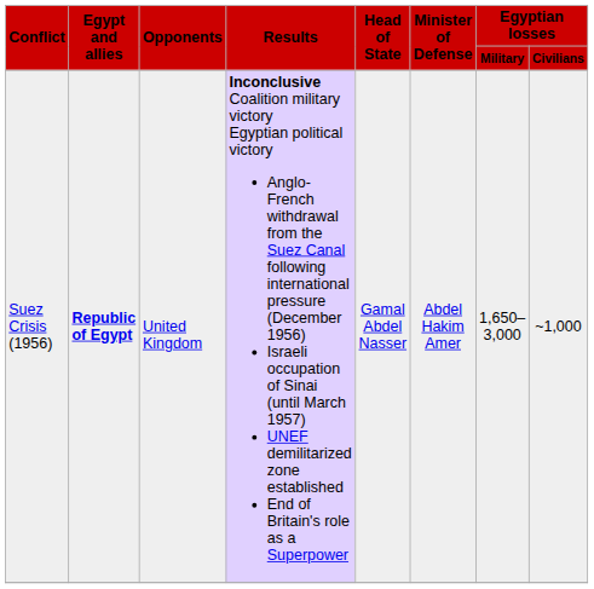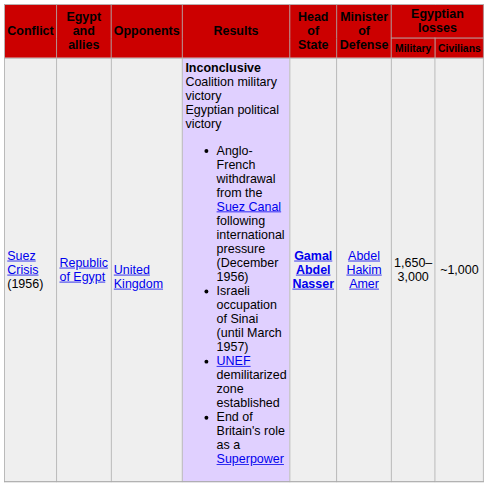 <table class="wikitable">
 <tr>
 <th style="background:#CC0000" rowspan="2" width=190px><span>Conflict</span></th>
 <th style="background:#CC0000" rowspan="2" width=170px><span>Egypt<br>and allies</span></th>
 <th style="background:#CC0000" rowspan="2" width=170px><span>Opponents</span></th>
 <th style="background:#CC0000" rowspan="2" width=280px><span>Results</span></th>
 <th style="background:#CC0000" rowspan="2" width=90px><span>Head of State</span></th>
 <th style="background:#CC0000" rowspan="2" width=90px><span>Minister of<br>Defense</span></th>
 <th style="background:#CC0000" colspan="2"><span>Egyptian<br>losses</span></th>
 </tr>
 <tr>
 <th style="background:#CC0000" rowspan="1" width=55px><span><small>Military</small></span></th>
 <th style="background:#CC0000" rowspan="1" width=><span><small>Civilians</small></span></th>
 </tr>
 <tr>
 <td style="background:#efefef"><a href='#'>Suez Crisis</a><br>(1956)</td>
-<td style="background:#efefef"><strong> <a href='#'>Republic of Egypt</a></strong></td>
+<td style="background:#efefef"> <a href='#'>Republic of Egypt</a></td>
 <td style="background:#efefef"> <br> <a href='#'>United Kingdom</a><br></td>
 <td style="background:#E0D0FF"><strong>Inconclusive</strong><br>Coalition military victory<br>Egyptian political victory<strong></strong><ul><li>Anglo-French withdrawal from the <a href='#'>Suez Canal</a> following international pressure (December 1956)</li><li>Israeli occupation of Sinai (until March 1957)</li><li><a href='#'>UNEF</a> demilitarized zone established</li><li>End of Britain's role as a <a href='#'>Superpower</a></li></ul></td>
-<td style="background:#efefef;text-align:center;" rowspan=1><a href='#'>Gamal Abdel Nasser</a></td>
+<td style="background:#efefef;text-align:center;" rowspan=1><strong><a href='#'>Gamal Abdel Nasser</a></strong></td>
 <td style="background:#efefef;text-align:center;"><a href='#'>Abdel Hakim Amer</a></td>
 <td style="background:#efefef;text-align:center;">1,650–<br>3,000</td>
 <td style="background:#efefef;text-align:center;">~1,000</td>
 </tr>
 <tr>
 </tr>
 </table>
